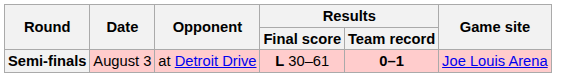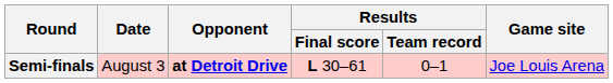 <table class="wikitable" style="font-size: 92%;" "align=center">
 <tr>
 <th rowspan="2">Round</th>
 <th rowspan="2">Date</th>
 <th rowspan="2">Opponent</th>
 <th colspan="2">Results</th>
 <th rowspan="2">Game site</th>
 </tr>
 <tr>
 <th>Final score</th>
 <th>Team record</th>
 </tr>
 <tr style="background:#fcc">
 <th>Semi-finals</th>
 <td style="text-align:center;">August 3</td>
-<td style="text-align:center;">at <a href='#'>Detroit Drive</a></td>
+<td style="text-align:center;"><strong>at <a href='#'>Detroit Drive</a></strong></td>
 <td style="text-align:center;"><strong>L</strong> 30–61</td>
-<td style="text-align:center;"><strong>0–1</strong></td>
+<td style="text-align:center;">0–1</td>
 <td style="text-align:center;"><a href='#'>Joe Louis Arena</a></td>
 </tr>
 </table>
